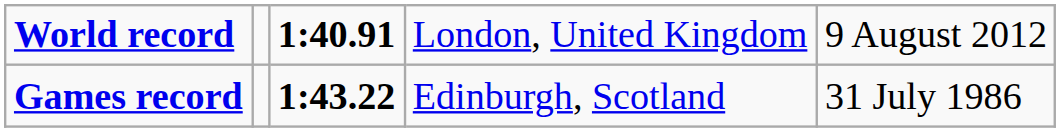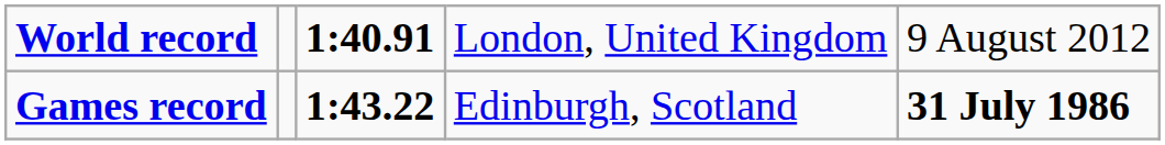 <table class="wikitable">
 <tr>
 <td><a href='#'><strong>World record</strong></a></td>
 <td></td>
 <td><strong>1:40.91</strong></td>
 <td><a href='#'>London</a>, <a href='#'>United Kingdom</a></td>
 <td>9 August 2012</td>
 </tr>
 <tr>
 <td><a href='#'><strong>Games record</strong></a></td>
 <td></td>
 <td><strong>1:43.22</strong></td>
 <td><a href='#'>Edinburgh</a>, <a href='#'>Scotland</a></td>
-<td>31 July 1986</td>
+<td><strong>31 July 1986</strong></td>
 </tr>
 </table>
